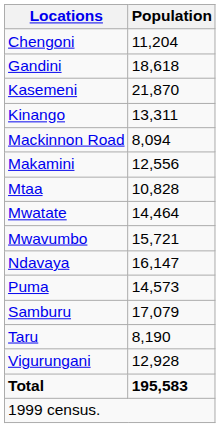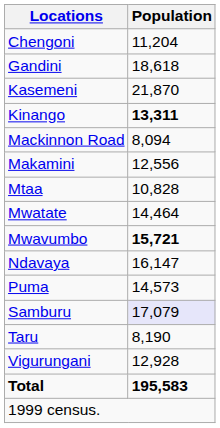 <table class="wikitable">
 <tr>
 <th><a href='#'>Locations</a></th>
 <th>Population</th>
 </tr>
 <tr>
 <td><a href='#'>Chengoni</a></td>
 <td>11,204</td>
 </tr>
 <tr>
 <td><a href='#'>Gandini</a></td>
 <td>18,618</td>
 </tr>
 <tr>
 <td><a href='#'>Kasemeni</a></td>
 <td>21,870</td>
 </tr>
 <tr>
 <td><a href='#'>Kinango</a></td>
-<td>13,311</td>
+<td><strong>13,311</strong></td>
 </tr>
 <tr>
 <td><a href='#'>Mackinnon Road</a></td>
 <td>8,094</td>
 </tr>
 <tr>
 <td><a href='#'>Makamini</a></td>
 <td>12,556</td>
 </tr>
 <tr>
 <td><a href='#'>Mtaa</a></td>
 <td>10,828</td>
 </tr>
 <tr>
 <td><a href='#'>Mwatate</a></td>
 <td>14,464</td>
 </tr>
 <tr>
 <td><a href='#'>Mwavumbo</a></td>
-<td>15,721</td>
+<td><strong>15,721</strong></td>
 </tr>
 <tr>
 <td><a href='#'>Ndavaya</a></td>
 <td>16,147</td>
 </tr>
 <tr>
 <td><a href='#'>Puma</a></td>
 <td>14,573</td>
 </tr>
 <tr>
 <td><a href='#'>Samburu</a></td>
-<td>17,079</td>
+<td style="background: lavender;">17,079</td>
 </tr>
 <tr>
 <td><a href='#'>Taru</a></td>
 <td>8,190</td>
 </tr>
 <tr>
 <td><a href='#'>Vigurungani</a></td>
 <td>12,928</td>
 </tr>
 <tr>
 <td><strong>Total</strong></td>
 <td><strong>195,583</strong></td>
 </tr>
 <tr>
 <td colspan="2">1999 census.</td>
 </tr>
 </table>
